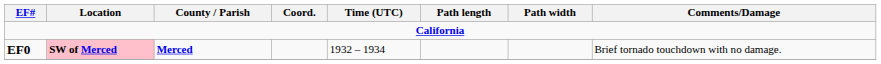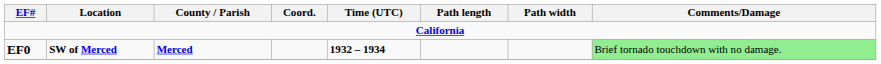 <table class="wikitable collapsible" width="100%">
 <tr>
 <th scope="col"><a href='#'>EF#</a></th>
 <th scope="col">Location</th>
 <th>County / Parish</th>
 <th scope="col">Coord.</th>
 <th scope="col">Time (UTC)</th>
 <th scope="col">Path length</th>
 <th scope="col">Path width</th>
 <th scope="col">Comments/Damage</th>
 </tr>
 <tr>
 <td colspan="8" align=center><strong><a href='#'>California</a></strong></td>
 </tr>
 <tr>
 <td><big><strong>EF0</strong></big></td>
-<td style="background: pink;"><strong>SW of <a href='#'>Merced</a></strong></td>
+<td><strong>SW of <a href='#'>Merced</a></strong></td>
 <td><strong><a href='#'>Merced</a></strong></td>
 <td></td>
-<td>1932 – 1934</td>
+<td><strong>1932 – 1934</strong></td>
 <td></td>
 <td></td>
-<td>Brief tornado touchdown with no damage.</td>
+<td style="background: lightgreen;">Brief tornado touchdown with no damage.</td>
 </tr>
 <tr>
 </tr>
 </table>
